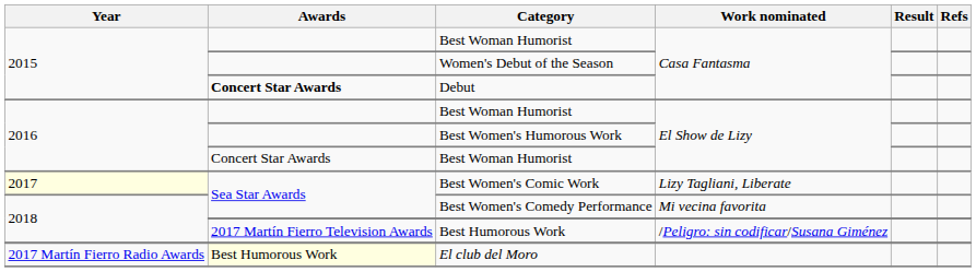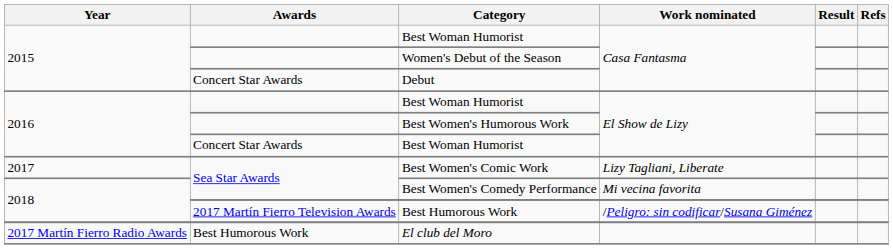 <table class="wikitable sortable plainrowheaders">
 <tr>
 <th>Year</th>
 <th>Awards</th>
 <th>Category</th>
 <th>Work nominated</th>
 <th>Result</th>
 <th class="unsortable">Refs</th>
 </tr>
 <tr>
 <td scope="row" rowspan="3">2015</td>
 <td scope="row"></td>
 <td scope="row">Best Woman Humorist</td>
 <td rowspan="3"><em>Casa Fantasma</em></td>
 <td></td>
 <td></td>
 </tr>
 <tr style="border-top:2px solid gray;">
 <td scope="row"></td>
 <td scope="row">Women's Debut of the Season</td>
 <td></td>
 <td></td>
 </tr>
 <tr style="border-top:2px solid gray;">
-<td scope="row"><strong>Concert Star Awards</strong></td>
+<td scope="row">Concert Star Awards</td>
 <td scope="row">Debut</td>
 <td></td>
 <td></td>
 </tr>
 <tr style="border-top:2px solid gray;">
 <td scope="row" rowspan="3">2016</td>
 <td scope="row"></td>
 <td scope="row">Best Woman Humorist</td>
 <td rowspan="3"><em>El Show de Lizy</em></td>
 <td></td>
 <td></td>
 </tr>
 <tr style="border-top:2px solid gray;">
 <td scope="row"></td>
 <td scope="row">Best Women's Humorous Work</td>
 <td></td>
 <td></td>
 </tr>
 <tr style="border-top:2px solid gray;">
 <td scope="row">Concert Star Awards</td>
 <td scope="row">Best Woman Humorist</td>
 <td></td>
 <td></td>
 </tr>
 <tr style="border-top:2px solid gray;">
-<td scope="row" style="background: lightyellow;">2017</td>
+<td scope="row">2017</td>
 <td scope="row" rowspan="2"><a href='#'>Sea Star Awards</a></td>
 <td scope="row">Best Women's Comic Work</td>
 <td scope="row"><em>Lizy Tagliani, Liberate</em></td>
 <td></td>
 <td></td>
 </tr>
 <tr style="border-top:2px solid gray;">
 <td scope="row" rowspan="3">2018</td>
 <td scope="row">Best Women's Comedy Performance</td>
 <td scope="row"><em>Mi vecina favorita</em></td>
 <td></td>
 <td></td>
 </tr>
 <tr style="border-top:2px solid gray;">
 </tr>
 <tr style="border-top:2px solid gray;">
 <td scope="row"><a href='#'>2017 Martín Fierro Television Awards</a></td>
 <td scope="row">Best Humorous Work</td>
 <td scope="row"><em></em>/<em><a href='#'>Peligro: sin codificar</a></em>/<em><a href='#'>Susana Giménez</a></em></td>
 <td></td>
 <td></td>
 </tr>
 <tr style="border-top:2px solid gray;">
 </tr>
 <tr style="border-top:2px solid gray;">
 <td scope="row"><a href='#'>2017 Martín Fierro Radio Awards</a></td>
-<td scope="row" style="background: lightyellow;">Best Humorous Work</td>
+<td scope="row">Best Humorous Work</td>
 <td scope="row"><em>El club del Moro</em></td>
 <td></td>
 <td></td>
 </tr>
 <tr style="border-top:2px solid gray;">
 </tr>
 </table>
